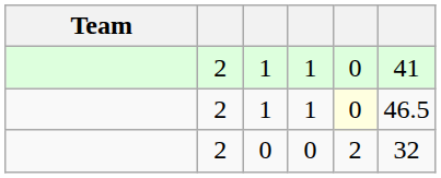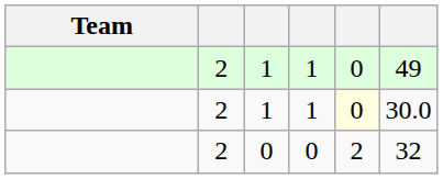 <table class="wikitable" style="text-align:center; float:left; margin-right:1em">
 <tr>
 <th width="110">Team</th>
 <th width="20"></th>
 <th width="20"></th>
 <th width="20"></th>
 <th width="20"></th>
 <th width="20"></th>
 </tr>
 <tr bgcolor="#ddffdd">
 <td align=left></td>
 <td>2</td>
 <td>1</td>
 <td>1</td>
 <td>0</td>
-<td>41</td>
+<td>49</td>
 </tr>
 <tr>
 <td align=left></td>
 <td>2</td>
 <td>1</td>
 <td>1</td>
 <td style="background: lightyellow;">0</td>
-<td>46.5</td>
+<td>30.0</td>
 </tr>
 <tr>
 <td align=left></td>
 <td>2</td>
 <td>0</td>
 <td>0</td>
 <td>2</td>
 <td>32</td>
 </tr>
 </table>
